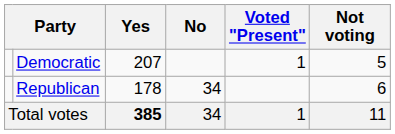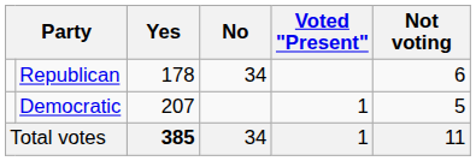 <table class="wikitable" style="margin-right: 1em; background: #f9f9f9; text-align: right;">
 <tr>
 <th colspan="2" scope="col" style="width: 90px">Party</th>
 <th scope="col" style="width: 50px">Yes</th>
 <th scope="col" style="width: 50px">No</th>
 <th scope="col" style="width: 50px"><a href='#'>Voted "Present"</a></th>
 <th scope="col" style="width: 70px">Not voting</th>
 </tr>
 <tr>
 <td scope="row" style="background-color:"></td>
+<td scope="row" style="text-align: left;"><a href='#'>Republican</a></td>
+<td>178</td>
+<td>34</td>
+<td></td>
+<td>6</td>
+</tr>
+<tr>
+<td scope="row" style="background-color:"></td>
 <td scope="row" style="text-align: left;"><a href='#'>Democratic</a></td>
 <td>207</td>
 <td></td>
 <td>1</td>
 <td>5</td>
-</tr>
-<tr>
-<td scope="row" style="background-color:"></td>
-<td scope="row" style="text-align: left;"><a href='#'>Republican</a></td>
-<td>178</td>
-<td>34</td>
-<td></td>
-<td>6</td>
 </tr>
 <tr class="tfoot" style="background:#f2f2f2;">
 <td scope="row" colspan="2" style="text-align:left;">Total votes</td>
 <td><strong>385</strong></td>
 <td>34</td>
 <td>1</td>
 <td>11</td>
 </tr>
 </table>
